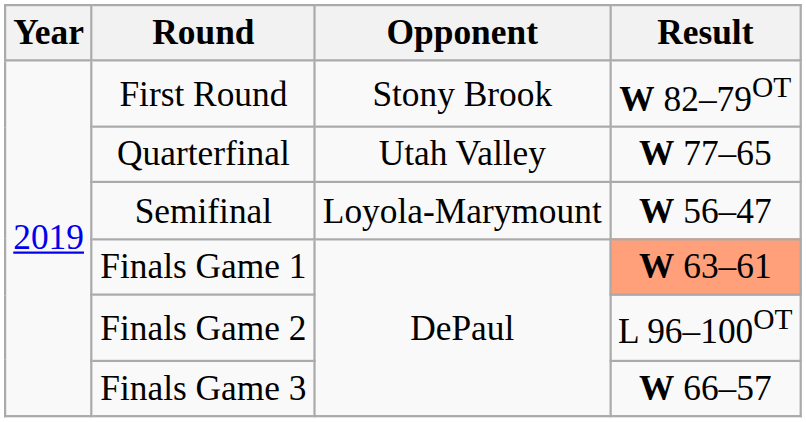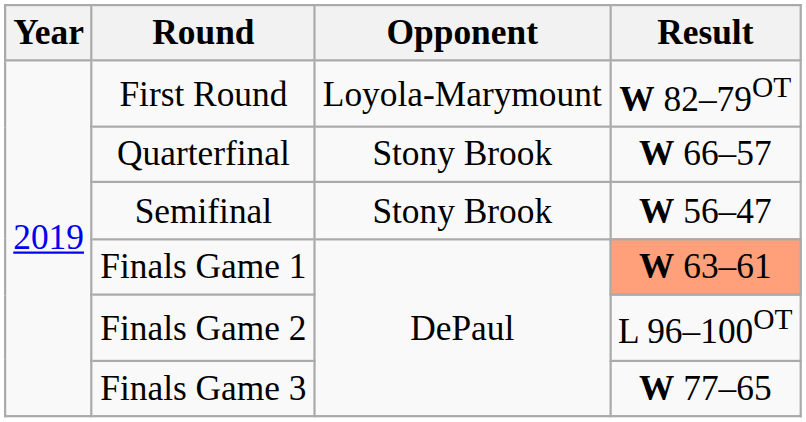 <table class="wikitable sortable" style="text-align:center;">
 <tr>
 <th style="text-align:center;">Year</th>
 <th style="text-align:center;">Round</th>
 <th style="text-align:center;">Opponent</th>
 <th style="text-align:center;">Result</th>
 </tr>
 <tr>
 <td rowspan="6"><a href='#'>2019</a></td>
 <td>First Round</td>
-<td>Stony Brook</td>
+<td>Loyola-Marymount</td>
 <td><strong>W</strong> 82–79<sup>OT</sup></td>
 </tr>
 <tr>
 <td>Quarterfinal</td>
-<td>Utah Valley</td>
-<td><strong>W</strong> 77–65</td>
+<td>Stony Brook</td>
+<td><strong>W</strong> 66–57</td>
 </tr>
 <tr>
 <td>Semifinal</td>
-<td>Loyola-Marymount</td>
+<td>Stony Brook</td>
 <td><strong>W</strong> 56–47</td>
 </tr>
 <tr>
 <td>Finals Game 1</td>
 <td rowspan="3">DePaul</td>
 <td style="background: lightsalmon;"><strong>W</strong> 63–61</td>
 </tr>
 <tr>
 <td>Finals Game 2</td>
 <td>L 96–100<sup>OT</sup></td>
 </tr>
 <tr>
 <td>Finals Game 3</td>
-<td><strong>W</strong> 66–57</td>
+<td><strong>W</strong> 77–65</td>
 </tr>
 </table>
